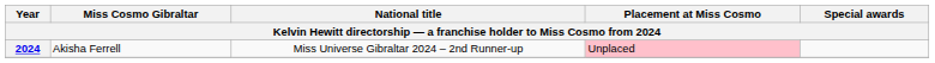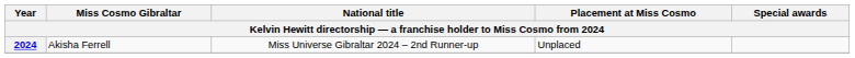 <table class="wikitable " style="font-size: 95%; width:100%">
 <tr>
 <th>Year</th>
 <th>Miss Cosmo Gibraltar</th>
 <th>National title</th>
 <th>Placement at Miss Cosmo</th>
 <th>Special awards</th>
 </tr>
 <tr>
 <th colspan="5">Kelvin Hewitt directorship — a franchise holder to Miss Cosmo from 2024</th>
 </tr>
 <tr>
 <th><a href='#'>2024</a></th>
 <td>Akisha Ferrell</td>
 <td align="center">Miss Universe Gibraltar 2024 – 2nd Runner-up</td>
-<td style="background: pink;">Unplaced</td>
+<td>Unplaced</td>
 <td></td>
 </tr>
 <tr>
 </tr>
 </table>
